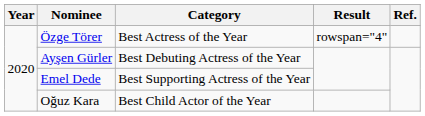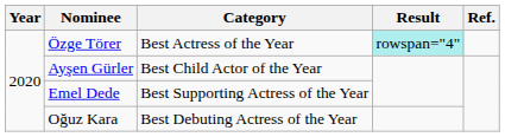 <table class="wikitable">
 <tr>
 <th>Year</th>
 <th>Nominee</th>
 <th>Category</th>
 <th>Result</th>
 <th>Ref.</th>
 </tr>
 <tr>
 <td rowspan="5">2020</td>
 <td><a href='#'>Özge Törer</a></td>
 <td>Best Actress of the Year</td>
-<td>rowspan="4" </td>
+<td style="background: paleturquoise;">rowspan="4" </td>
 <td style="text-align: center;"></td>
 </tr>
 <tr>
 <td><a href='#'>Ayşen Gürler</a></td>
-<td>Best Debuting Actress of the Year</td>
+<td>Best Child Actor of the Year</td>
 <td style="text-align: center;" rowspan="2"></td>
 </tr>
 <tr>
 <td><a href='#'>Emel Dede</a></td>
 <td>Best Supporting Actress of the Year</td>
 </tr>
 <tr>
 <td>Oğuz Kara</td>
-<td>Best Child Actor of the Year</td>
+<td>Best Debuting Actress of the Year</td>
 <td style="text-align: center;"></td>
 </tr>
 </table>
